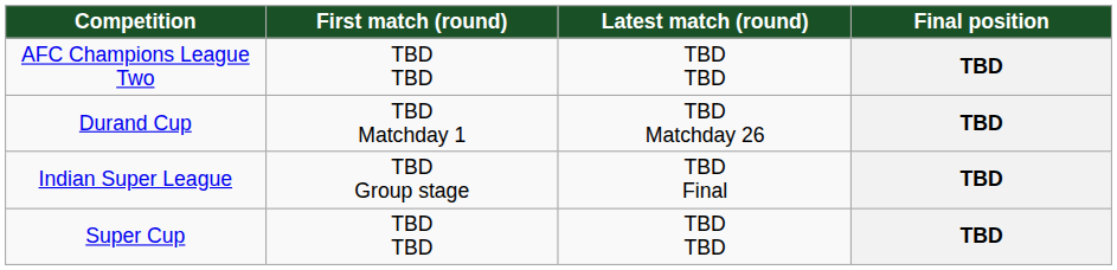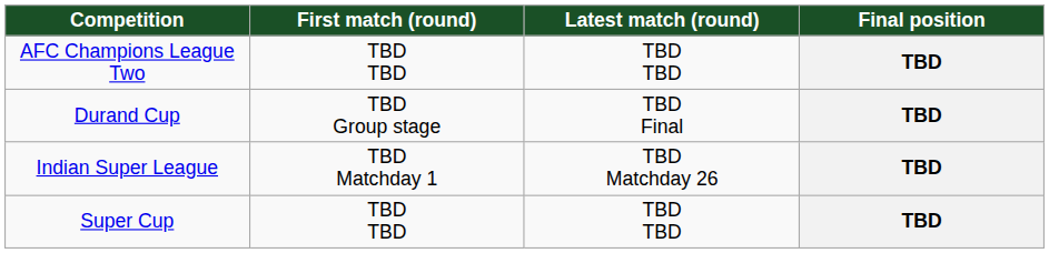 <table class="wikitable" style="text-align:center; width:850px;">
 <tr>
 <th style="text-align:center; width:150px; background:#1A5026; color:#FFFFFF; ">Competition</th>
 <th style="text-align:center; width:170px; background:#1A5026; color:#FFFFFF; ">First match (round)</th>
 <th style="text-align:center; width:170px; background:#1A5026; color:#FFFFFF; ">Latest match (round)</th>
 <th style="text-align:center; width:150px; background:#1A5026; color:#FFFFFF; ">Final position</th>
 </tr>
 <tr>
 <td style="text-align:center;"><a href='#'>AFC Champions League Two</a></td>
 <td>TBD <br> TBD</td>
 <td>TBD <br> TBD</td>
 <th>TBD</th>
 </tr>
 <tr>
 <td style="text-align:center;"><a href='#'>Durand Cup</a></td>
-<td>TBD <br> Matchday 1</td>
-<td>TBD <br> Matchday 26</td>
+<td>TBD <br> Group stage</td>
+<td>TBD <br> Final</td>
 <th>TBD</th>
 </tr>
 <tr>
 <td style="text-align:center;"><a href='#'>Indian Super League</a></td>
-<td>TBD <br> Group stage</td>
-<td>TBD <br> Final</td>
+<td>TBD <br> Matchday 1</td>
+<td>TBD <br> Matchday 26</td>
 <th>TBD</th>
 </tr>
 <tr>
 <td style="text-align:center;"><a href='#'>Super Cup</a></td>
 <td>TBD<br>TBD</td>
 <td>TBD<br>TBD</td>
 <th>TBD</th>
 </tr>
 </table>
